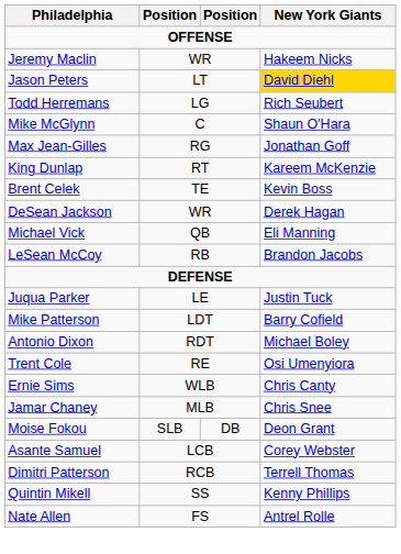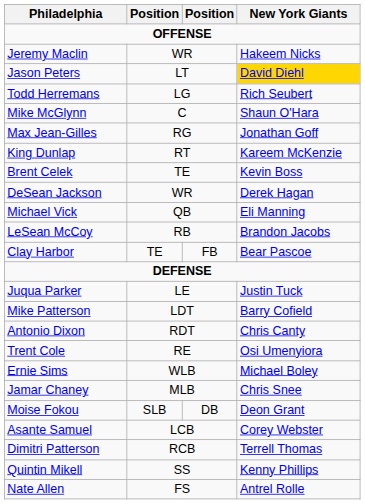 <table class="wikitable">
 <tr>
 <th style="width:150px;">Philadelphia</th>
 <th>Position</th>
 <th>Position</th>
 <th style="width:150px;">New York Giants</th>
 </tr>
 <tr>
 <td colspan="4" style="text-align:center;"><strong>OFFENSE</strong></td>
 </tr>
 <tr>
 <td><a href='#'>Jeremy Maclin</a></td>
 <td colspan="2" style="text-align:center;">WR</td>
 <td><a href='#'>Hakeem Nicks</a></td>
 </tr>
 <tr>
 <td><a href='#'>Jason Peters</a></td>
 <td colspan="2" style="text-align:center;">LT</td>
 <td style="background: gold;"><a href='#'>David Diehl</a></td>
 </tr>
 <tr>
 <td><a href='#'>Todd Herremans</a></td>
 <td colspan="2" style="text-align:center;">LG</td>
 <td><a href='#'>Rich Seubert</a></td>
 </tr>
 <tr>
 <td><a href='#'>Mike McGlynn</a></td>
 <td colspan="2" style="text-align:center;">C</td>
 <td><a href='#'>Shaun O'Hara</a></td>
 </tr>
 <tr>
 <td><a href='#'>Max Jean-Gilles</a></td>
 <td colspan="2" style="text-align:center;">RG</td>
 <td><a href='#'>Jonathan Goff</a></td>
 </tr>
 <tr>
 <td><a href='#'>King Dunlap</a></td>
 <td colspan="2" style="text-align:center;">RT</td>
 <td><a href='#'>Kareem McKenzie</a></td>
 </tr>
 <tr>
 <td><a href='#'>Brent Celek</a></td>
 <td colspan="2" style="text-align:center;">TE</td>
 <td><a href='#'>Kevin Boss</a></td>
 </tr>
 <tr>
 <td><a href='#'>DeSean Jackson</a></td>
 <td colspan="2" style="text-align:center;">WR</td>
 <td><a href='#'>Derek Hagan</a></td>
 </tr>
 <tr>
 <td><a href='#'>Michael Vick</a></td>
 <td colspan="2" style="text-align:center;">QB</td>
 <td><a href='#'>Eli Manning</a></td>
 </tr>
 <tr>
 <td><a href='#'>LeSean McCoy</a></td>
 <td colspan="2" style="text-align:center;">RB</td>
 <td><a href='#'>Brandon Jacobs</a></td>
 </tr>
 <tr>
+<td><a href='#'>Clay Harbor</a></td>
+<td style="text-align:center;">TE</td>
+<td style="text-align:center;">FB</td>
+<td><a href='#'>Bear Pascoe</a></td>
+</tr>
+<tr>
 <td colspan="4" style="text-align:center;"><strong>DEFENSE</strong></td>
 </tr>
 <tr>
 <td><a href='#'>Juqua Parker</a></td>
 <td colspan="2" style="text-align:center;">LE</td>
 <td><a href='#'>Justin Tuck</a></td>
 </tr>
 <tr>
 <td><a href='#'>Mike Patterson</a></td>
 <td colspan="2" style="text-align:center;">LDT</td>
 <td><a href='#'>Barry Cofield</a></td>
 </tr>
 <tr>
 <td><a href='#'>Antonio Dixon</a></td>
 <td colspan="2" style="text-align:center;">RDT</td>
-<td><a href='#'>Michael Boley</a></td>
+<td><a href='#'>Chris Canty</a></td>
 </tr>
 <tr>
 <td><a href='#'>Trent Cole</a></td>
 <td colspan="2" style="text-align:center;">RE</td>
 <td><a href='#'>Osi Umenyiora</a></td>
 </tr>
 <tr>
 <td><a href='#'>Ernie Sims</a></td>
 <td colspan="2" style="text-align:center;">WLB</td>
-<td><a href='#'>Chris Canty</a></td>
+<td><a href='#'>Michael Boley</a></td>
 </tr>
 <tr>
 <td><a href='#'>Jamar Chaney</a></td>
 <td colspan="2" style="text-align:center;">MLB</td>
 <td><a href='#'>Chris Snee</a></td>
 </tr>
 <tr>
 <td><a href='#'>Moise Fokou</a></td>
 <td style="text-align:center;">SLB</td>
 <td style="text-align:center;">DB</td>
 <td><a href='#'>Deon Grant</a></td>
 </tr>
 <tr>
 <td><a href='#'>Asante Samuel</a></td>
 <td colspan="2" style="text-align:center;">LCB</td>
 <td><a href='#'>Corey Webster</a></td>
 </tr>
 <tr>
 <td><a href='#'>Dimitri Patterson</a></td>
 <td colspan="2" style="text-align:center;">RCB</td>
 <td><a href='#'>Terrell Thomas</a></td>
 </tr>
 <tr>
 <td><a href='#'>Quintin Mikell</a></td>
 <td colspan="2" style="text-align:center;">SS</td>
 <td><a href='#'>Kenny Phillips</a></td>
 </tr>
 <tr>
 <td><a href='#'>Nate Allen</a></td>
 <td colspan="2" style="text-align:center;">FS</td>
 <td><a href='#'>Antrel Rolle</a></td>
 </tr>
 </table>
